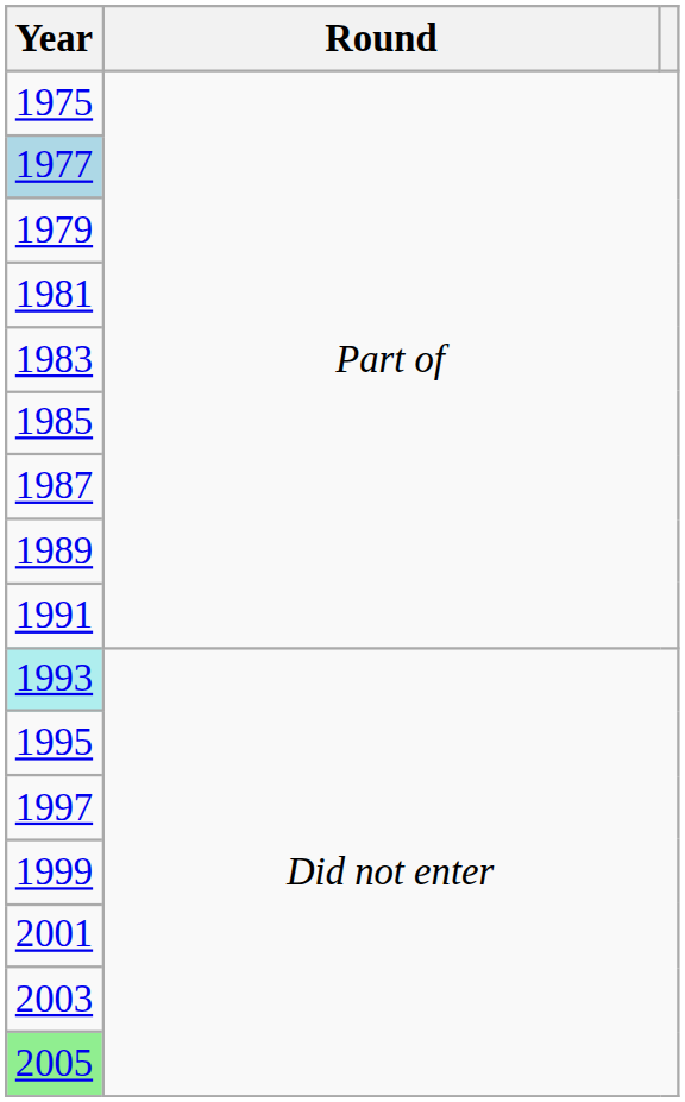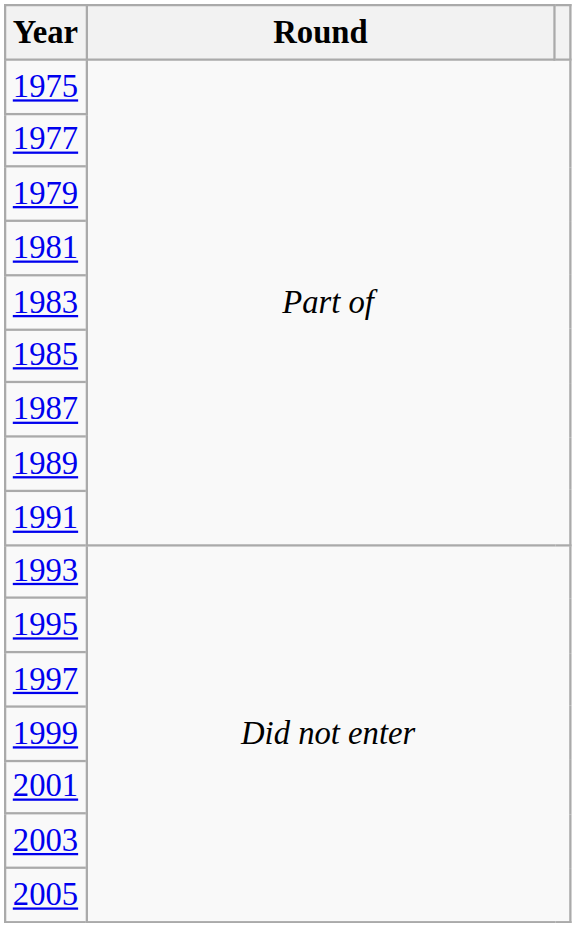 <table class="wikitable" style="text-align: center; font-size:90%">
 <tr>
 <th>Year</th>
 <th style="width:200px">Round</th>
 <th></th>
 </tr>
 <tr>
 <td><a href='#'>1975</a></td>
 <td colspan="2" rowspan="9"><em>Part of </em></td>
 </tr>
 <tr>
-<td style="background: lightblue;"><a href='#'>1977</a></td>
+<td><a href='#'>1977</a></td>
 </tr>
 <tr>
 <td><a href='#'>1979</a></td>
 </tr>
 <tr>
 <td><a href='#'>1981</a></td>
 </tr>
 <tr>
 <td><a href='#'>1983</a></td>
 </tr>
 <tr>
 <td><a href='#'>1985</a></td>
 </tr>
 <tr>
 <td><a href='#'>1987</a></td>
 </tr>
 <tr>
 <td><a href='#'>1989</a></td>
 </tr>
 <tr>
 <td><a href='#'>1991</a></td>
 </tr>
 <tr>
-<td style="background: paleturquoise;"><a href='#'>1993</a></td>
+<td><a href='#'>1993</a></td>
 <td colspan="2" rowspan="7"><em>Did not enter</em></td>
 </tr>
 <tr>
 <td><a href='#'>1995</a></td>
 </tr>
 <tr>
 <td><a href='#'>1997</a></td>
 </tr>
 <tr>
 <td><a href='#'>1999</a></td>
 </tr>
 <tr>
 <td><a href='#'>2001</a></td>
 </tr>
 <tr>
 <td><a href='#'>2003</a></td>
 </tr>
 <tr>
-<td style="background: lightgreen;"><a href='#'>2005</a></td>
+<td><a href='#'>2005</a></td>
 </tr>
 </table>
